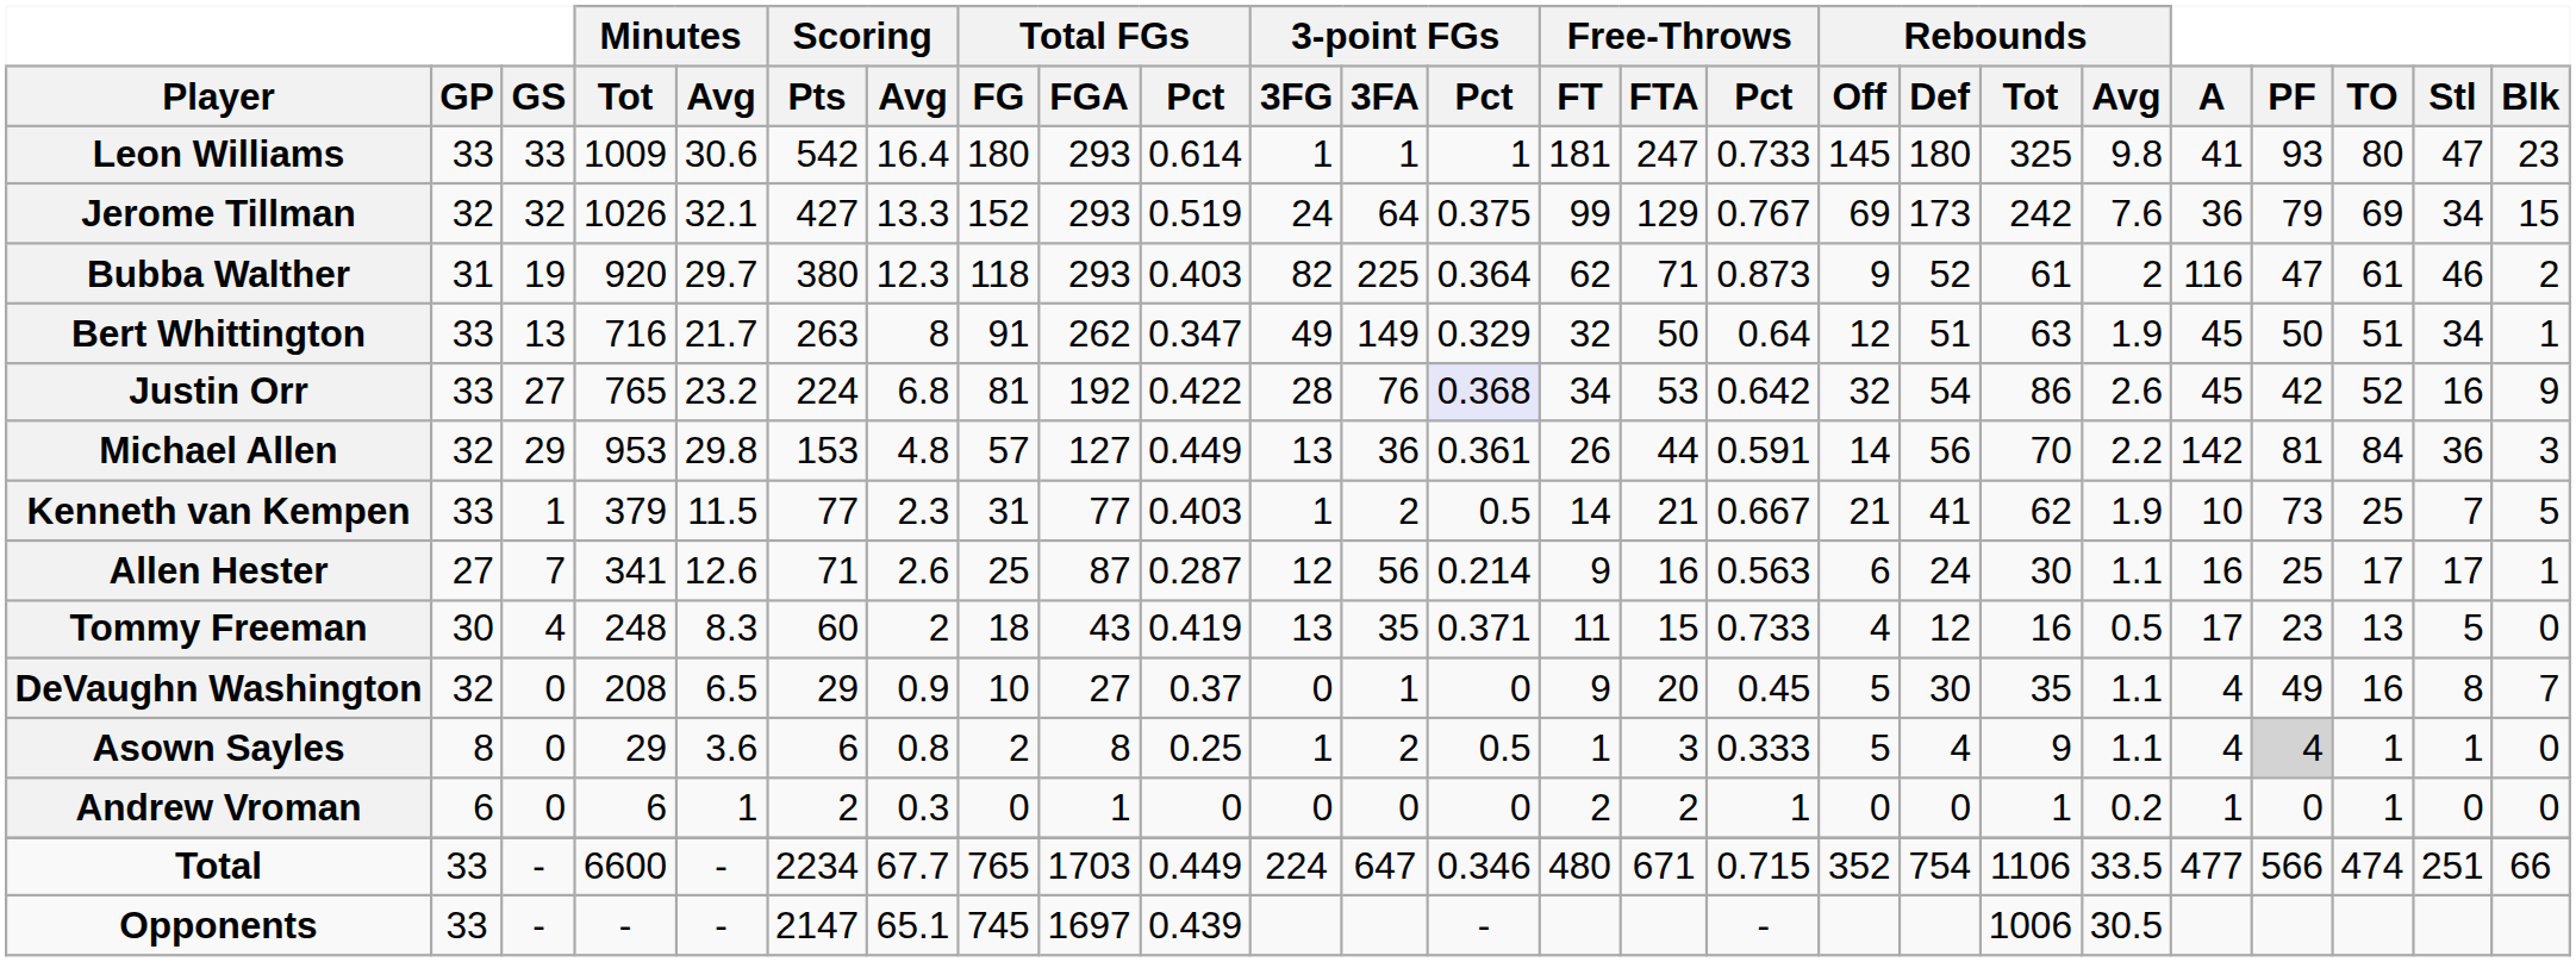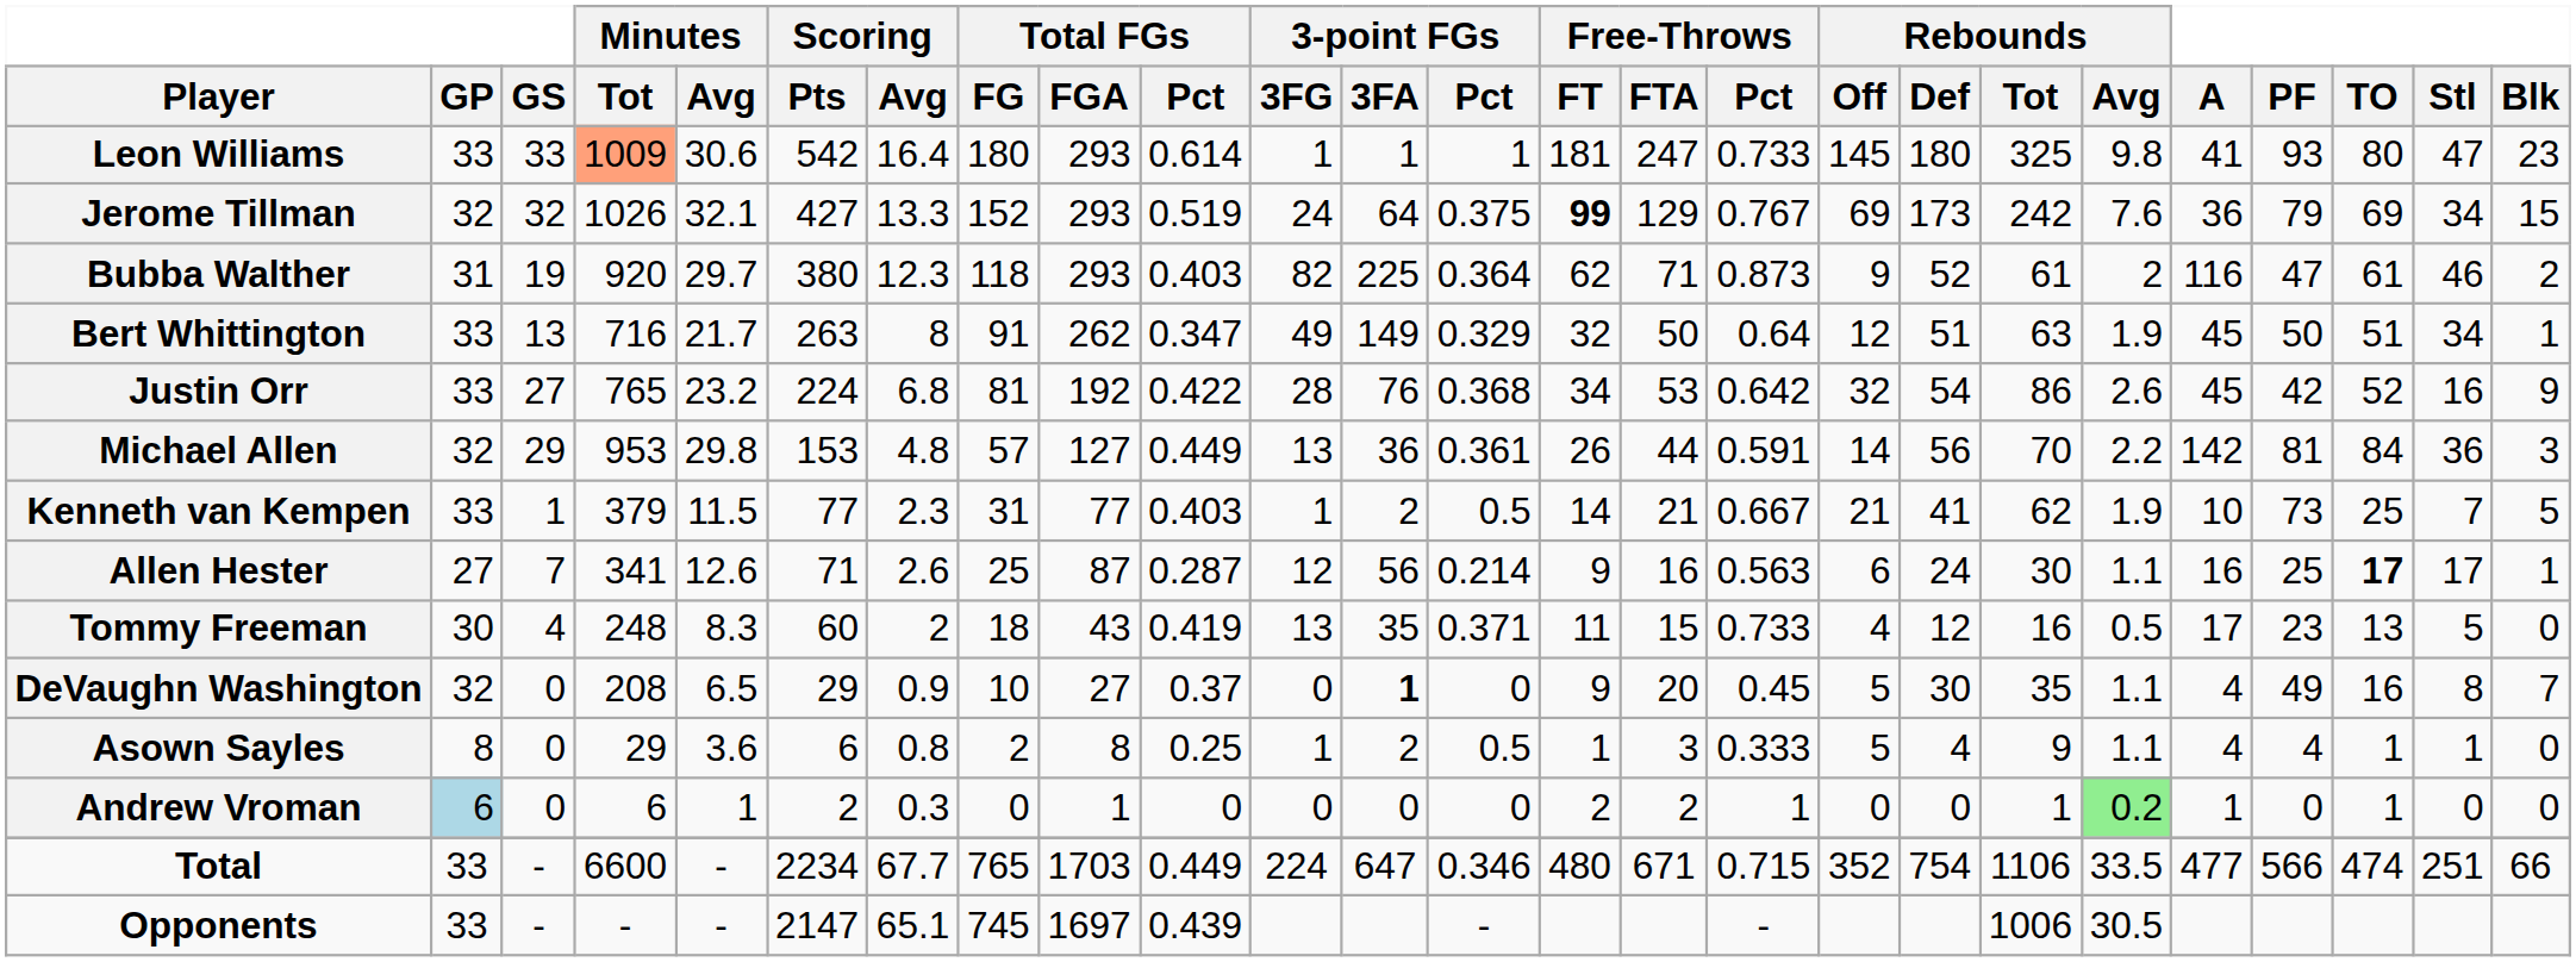 <table class="wikitable sortable" border="1" style="font-size:90%;">
 <tr>
 <th colspan="3" style="border-top-style:hidden; border-left-style:hidden; background: white;"></th>
 <th colspan="2" style=>Minutes</th>
 <th colspan="2" style=>Scoring</th>
 <th colspan="3" style=>Total FGs</th>
 <th colspan="3" style=>3-point FGs</th>
 <th colspan="3" style=>Free-Throws</th>
 <th colspan="4" style=>Rebounds</th>
 <th colspan="5" style="border-top-style:hidden; border-right-style:hidden; background: white;"></th>
 </tr>
 <tr>
 <th scope="col" style=>Player</th>
 <th scope="col" style=>GP</th>
 <th scope="col" style=>GS</th>
 <th scope="col" style=>Tot</th>
 <th scope="col" style=>Avg</th>
 <th scope="col" style=>Pts</th>
 <th scope="col" style=>Avg</th>
 <th scope="col" style=>FG</th>
 <th scope="col" style=>FGA</th>
 <th scope="col" style=>Pct</th>
 <th scope="col" style=>3FG</th>
 <th scope="col" style=>3FA</th>
 <th scope="col" style=>Pct</th>
 <th scope="col" style=>FT</th>
 <th scope="col" style=>FTA</th>
 <th scope="col" style=>Pct</th>
 <th scope="col" style=>Off</th>
 <th scope="col" style=>Def</th>
 <th scope="col" style=>Tot</th>
 <th scope="col" style=>Avg</th>
 <th scope="col" style=>A</th>
 <th scope="col" style=>PF</th>
 <th scope="col" style=>TO</th>
 <th scope="col" style=>Stl</th>
 <th scope="col" style=>Blk</th>
 </tr>
 <tr>
 <th>Leon Williams</th>
 <td align="right">33</td>
 <td align="right">33</td>
-<td align="right">1009</td>
+<td align="right" style="background: lightsalmon;">1009</td>
 <td align="right">30.6</td>
 <td align="right">542</td>
 <td align="right">16.4</td>
 <td align="right">180</td>
 <td align="right">293</td>
 <td align="right">0.614</td>
 <td align="right">1</td>
 <td align="right">1</td>
 <td align="right">1</td>
 <td align="right">181</td>
 <td align="right">247</td>
 <td align="right">0.733</td>
 <td align="right">145</td>
 <td align="right">180</td>
 <td align="right">325</td>
 <td align="right">9.8</td>
 <td align="right">41</td>
 <td align="right">93</td>
 <td align="right">80</td>
 <td align="right">47</td>
 <td align="right">23</td>
 </tr>
 <tr>
 <th>Jerome Tillman</th>
 <td align="right">32</td>
 <td align="right">32</td>
 <td align="right">1026</td>
 <td align="right">32.1</td>
 <td align="right">427</td>
 <td align="right">13.3</td>
 <td align="right">152</td>
 <td align="right">293</td>
 <td align="right">0.519</td>
 <td align="right">24</td>
 <td align="right">64</td>
 <td align="right">0.375</td>
-<td align="right">99</td>
+<td align="right"><strong>99</strong></td>
 <td align="right">129</td>
 <td align="right">0.767</td>
 <td align="right">69</td>
 <td align="right">173</td>
 <td align="right">242</td>
 <td align="right">7.6</td>
 <td align="right">36</td>
 <td align="right">79</td>
 <td align="right">69</td>
 <td align="right">34</td>
 <td align="right">15</td>
 </tr>
 <tr>
 <th>Bubba Walther</th>
 <td align="right">31</td>
 <td align="right">19</td>
 <td align="right">920</td>
 <td align="right">29.7</td>
 <td align="right">380</td>
 <td align="right">12.3</td>
 <td align="right">118</td>
 <td align="right">293</td>
 <td align="right">0.403</td>
 <td align="right">82</td>
 <td align="right">225</td>
 <td align="right">0.364</td>
 <td align="right">62</td>
 <td align="right">71</td>
 <td align="right">0.873</td>
 <td align="right">9</td>
 <td align="right">52</td>
 <td align="right">61</td>
 <td align="right">2</td>
 <td align="right">116</td>
 <td align="right">47</td>
 <td align="right">61</td>
 <td align="right">46</td>
 <td align="right">2</td>
 </tr>
 <tr>
 <th>Bert Whittington</th>
 <td align="right">33</td>
 <td align="right">13</td>
 <td align="right">716</td>
 <td align="right">21.7</td>
 <td align="right">263</td>
 <td align="right">8</td>
 <td align="right">91</td>
 <td align="right">262</td>
 <td align="right">0.347</td>
 <td align="right">49</td>
 <td align="right">149</td>
 <td align="right">0.329</td>
 <td align="right">32</td>
 <td align="right">50</td>
 <td align="right">0.64</td>
 <td align="right">12</td>
 <td align="right">51</td>
 <td align="right">63</td>
 <td align="right">1.9</td>
 <td align="right">45</td>
 <td align="right">50</td>
 <td align="right">51</td>
 <td align="right">34</td>
 <td align="right">1</td>
 </tr>
 <tr>
 <th>Justin Orr</th>
 <td align="right">33</td>
 <td align="right">27</td>
 <td align="right">765</td>
 <td align="right">23.2</td>
 <td align="right">224</td>
 <td align="right">6.8</td>
 <td align="right">81</td>
 <td align="right">192</td>
 <td align="right">0.422</td>
 <td align="right">28</td>
 <td align="right">76</td>
-<td align="right" style="background: lavender;">0.368</td>
+<td align="right">0.368</td>
 <td align="right">34</td>
 <td align="right">53</td>
 <td align="right">0.642</td>
 <td align="right">32</td>
 <td align="right">54</td>
 <td align="right">86</td>
 <td align="right">2.6</td>
 <td align="right">45</td>
 <td align="right">42</td>
 <td align="right">52</td>
 <td align="right">16</td>
 <td align="right">9</td>
 </tr>
 <tr>
 <th>Michael Allen</th>
 <td align="right">32</td>
 <td align="right">29</td>
 <td align="right">953</td>
 <td align="right">29.8</td>
 <td align="right">153</td>
 <td align="right">4.8</td>
 <td align="right">57</td>
 <td align="right">127</td>
 <td align="right">0.449</td>
 <td align="right">13</td>
 <td align="right">36</td>
 <td align="right">0.361</td>
 <td align="right">26</td>
 <td align="right">44</td>
 <td align="right">0.591</td>
 <td align="right">14</td>
 <td align="right">56</td>
 <td align="right">70</td>
 <td align="right">2.2</td>
 <td align="right">142</td>
 <td align="right">81</td>
 <td align="right">84</td>
 <td align="right">36</td>
 <td align="right">3</td>
 </tr>
 <tr>
 <th>Kenneth van Kempen</th>
 <td align="right">33</td>
 <td align="right">1</td>
 <td align="right">379</td>
 <td align="right">11.5</td>
 <td align="right">77</td>
 <td align="right">2.3</td>
 <td align="right">31</td>
 <td align="right">77</td>
 <td align="right">0.403</td>
 <td align="right">1</td>
 <td align="right">2</td>
 <td align="right">0.5</td>
 <td align="right">14</td>
 <td align="right">21</td>
 <td align="right">0.667</td>
 <td align="right">21</td>
 <td align="right">41</td>
 <td align="right">62</td>
 <td align="right">1.9</td>
 <td align="right">10</td>
 <td align="right">73</td>
 <td align="right">25</td>
 <td align="right">7</td>
 <td align="right">5</td>
 </tr>
 <tr>
 <th>Allen Hester</th>
 <td align="right">27</td>
 <td align="right">7</td>
 <td align="right">341</td>
 <td align="right">12.6</td>
 <td align="right">71</td>
 <td align="right">2.6</td>
 <td align="right">25</td>
 <td align="right">87</td>
 <td align="right">0.287</td>
 <td align="right">12</td>
 <td align="right">56</td>
 <td align="right">0.214</td>
 <td align="right">9</td>
 <td align="right">16</td>
 <td align="right">0.563</td>
 <td align="right">6</td>
 <td align="right">24</td>
 <td align="right">30</td>
 <td align="right">1.1</td>
 <td align="right">16</td>
 <td align="right">25</td>
-<td align="right">17</td>
+<td align="right"><strong>17</strong></td>
 <td align="right">17</td>
 <td align="right">1</td>
 </tr>
 <tr>
 <th>Tommy Freeman</th>
 <td align="right">30</td>
 <td align="right">4</td>
 <td align="right">248</td>
 <td align="right">8.3</td>
 <td align="right">60</td>
 <td align="right">2</td>
 <td align="right">18</td>
 <td align="right">43</td>
 <td align="right">0.419</td>
 <td align="right">13</td>
 <td align="right">35</td>
 <td align="right">0.371</td>
 <td align="right">11</td>
 <td align="right">15</td>
 <td align="right">0.733</td>
 <td align="right">4</td>
 <td align="right">12</td>
 <td align="right">16</td>
 <td align="right">0.5</td>
 <td align="right">17</td>
 <td align="right">23</td>
 <td align="right">13</td>
 <td align="right">5</td>
 <td align="right">0</td>
 </tr>
 <tr>
 <th>DeVaughn Washington</th>
 <td align="right">32</td>
 <td align="right">0</td>
 <td align="right">208</td>
 <td align="right">6.5</td>
 <td align="right">29</td>
 <td align="right">0.9</td>
 <td align="right">10</td>
 <td align="right">27</td>
 <td align="right">0.37</td>
 <td align="right">0</td>
-<td align="right">1</td>
+<td align="right"><strong>1</strong></td>
 <td align="right">0</td>
 <td align="right">9</td>
 <td align="right">20</td>
 <td align="right">0.45</td>
 <td align="right">5</td>
 <td align="right">30</td>
 <td align="right">35</td>
 <td align="right">1.1</td>
 <td align="right">4</td>
 <td align="right">49</td>
 <td align="right">16</td>
 <td align="right">8</td>
 <td align="right">7</td>
 </tr>
 <tr>
 <th>Asown Sayles</th>
 <td align="right">8</td>
 <td align="right">0</td>
 <td align="right">29</td>
 <td align="right">3.6</td>
 <td align="right">6</td>
 <td align="right">0.8</td>
 <td align="right">2</td>
 <td align="right">8</td>
 <td align="right">0.25</td>
 <td align="right">1</td>
 <td align="right">2</td>
 <td align="right">0.5</td>
 <td align="right">1</td>
 <td align="right">3</td>
 <td align="right">0.333</td>
 <td align="right">5</td>
 <td align="right">4</td>
 <td align="right">9</td>
 <td align="right">1.1</td>
 <td align="right">4</td>
-<td align="right" style="background: lightgrey;">4</td>
+<td align="right">4</td>
 <td align="right">1</td>
 <td align="right">1</td>
 <td align="right">0</td>
 </tr>
 <tr>
 <th>Andrew Vroman</th>
-<td align="right">6</td>
+<td align="right" style="background: lightblue;">6</td>
 <td align="right">0</td>
 <td align="right">6</td>
 <td align="right">1</td>
 <td align="right">2</td>
 <td align="right">0.3</td>
 <td align="right">0</td>
 <td align="right">1</td>
 <td align="right">0</td>
 <td align="right">0</td>
 <td align="right">0</td>
 <td align="right">0</td>
 <td align="right">2</td>
 <td align="right">2</td>
 <td align="right">1</td>
 <td align="right">0</td>
 <td align="right">0</td>
 <td align="right">1</td>
-<td align="right">0.2</td>
+<td align="right" style="background: lightgreen;">0.2</td>
 <td align="right">1</td>
 <td align="right">0</td>
 <td align="right">1</td>
 <td align="right">0</td>
 <td align="right">0</td>
 </tr>
 <tr>
 </tr>
 <tr class="sortbottom">
 <td align="center" style=><strong>Total</strong></td>
 <td align="center" style=>33</td>
 <td align="center" style=>-</td>
 <td align="center" style=>6600</td>
 <td align="center" style=>-</td>
 <td align="center" style=>2234</td>
 <td align="center" style=>67.7</td>
 <td align="center" style=>765</td>
 <td align="center" style=>1703</td>
 <td align="center" style=>0.449</td>
 <td align="center" style=>224</td>
 <td align="center" style=>647</td>
 <td align="center" style=>0.346</td>
 <td align="center" style=>480</td>
 <td align="center" style=>671</td>
 <td align="center" style=>0.715</td>
 <td align="center" style=>352</td>
 <td align="center" style=>754</td>
 <td align="center" style=>1106</td>
 <td align="center" style=>33.5</td>
 <td align="center" style=>477</td>
 <td align="center" style=>566</td>
 <td align="center" style=>474</td>
 <td align="center" style=>251</td>
 <td align="center" style=>66</td>
 </tr>
 <tr class="sortbottom">
 <td align="center"><strong>Opponents</strong></td>
 <td align="center">33</td>
 <td align="center">-</td>
 <td align="center">-</td>
 <td align="center">-</td>
 <td align="center">2147</td>
 <td align="center">65.1</td>
 <td align="center">745</td>
 <td align="center">1697</td>
 <td align="center">0.439</td>
 <td align="center"></td>
 <td align="center"></td>
 <td align="center">-</td>
 <td align="center"></td>
 <td align="center"></td>
 <td align="center">-</td>
 <td align="center"></td>
 <td align="center"></td>
 <td align="center">1006</td>
 <td align="center">30.5</td>
 <td align="center"></td>
 <td align="center"></td>
 <td align="center"></td>
 <td align="center"></td>
 <td align="center"></td>
 </tr>
 </table>
